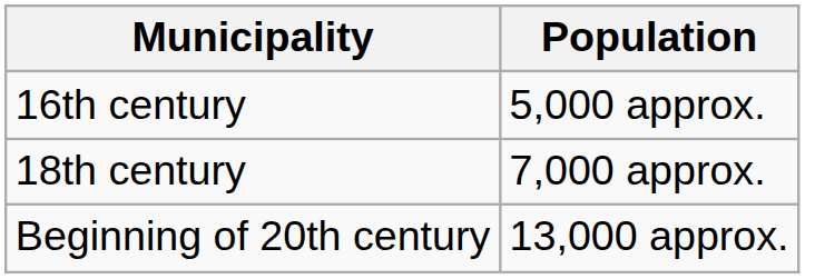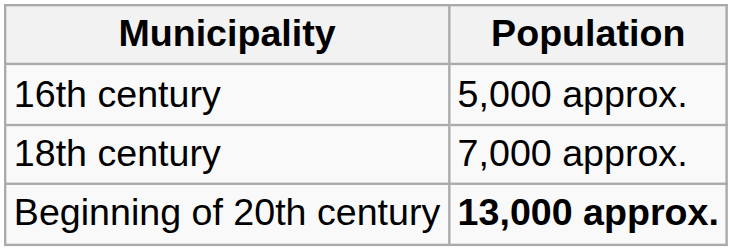 <table class="wikitable">
 <tr>
 <th>Municipality</th>
 <th>Population</th>
 </tr>
 <tr>
 <td>16th century</td>
 <td>5,000 approx.</td>
 </tr>
 <tr>
 <td>18th century</td>
 <td>7,000 approx.</td>
 </tr>
 <tr>
 <td>Beginning of 20th century</td>
-<td>13,000 approx.</td>
+<td><strong>13,000 approx.</strong></td>
 </tr>
 </table>
